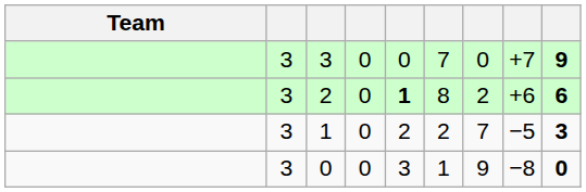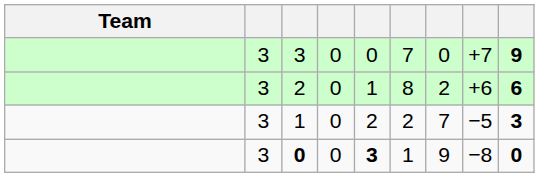 <table class="wikitable" style="text-align: center;">
 <tr>
 <th width="175">Team</th>
 <th width="20"></th>
 <th width="20"></th>
 <th width="20"></th>
 <th width="20"></th>
 <th width="20"></th>
 <th width="20"></th>
 <th width="20"></th>
 <th width="20"></th>
 </tr>
 <tr bgcolor="#ccffcc">
 <td align=left></td>
 <td>3</td>
 <td>3</td>
 <td>0</td>
 <td>0</td>
 <td>7</td>
 <td>0</td>
 <td>+7</td>
 <td><strong>9</strong></td>
 </tr>
 <tr bgcolor="#ccffcc">
 <td align=left><em></em></td>
 <td>3</td>
 <td>2</td>
 <td>0</td>
-<td><strong>1</strong></td>
+<td>1</td>
 <td>8</td>
 <td>2</td>
 <td>+6</td>
 <td><strong>6</strong></td>
 </tr>
 <tr bgcolor=>
 <td align=left></td>
 <td>3</td>
 <td>1</td>
 <td>0</td>
 <td>2</td>
 <td>2</td>
 <td>7</td>
 <td>−5</td>
 <td><strong>3</strong></td>
 </tr>
 <tr bgcolor=>
 <td align=left></td>
 <td>3</td>
+<td><strong>0</strong></td>
 <td>0</td>
-<td>0</td>
-<td>3</td>
+<td><strong>3</strong></td>
 <td>1</td>
 <td>9</td>
 <td>−8</td>
 <td><strong>0</strong></td>
 </tr>
 </table>
